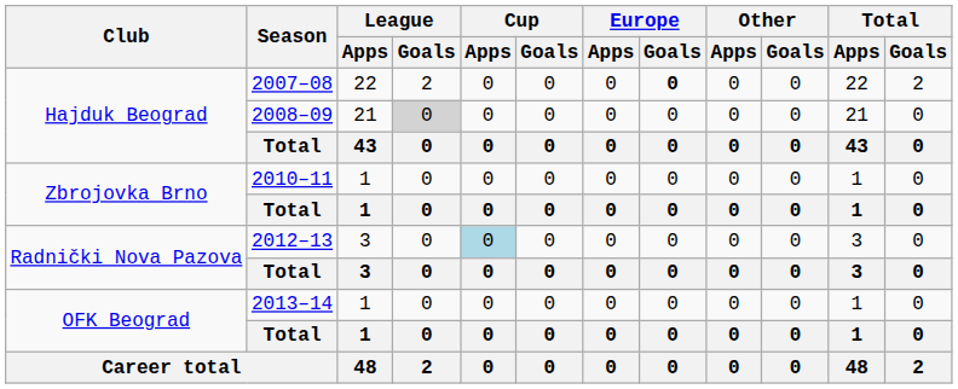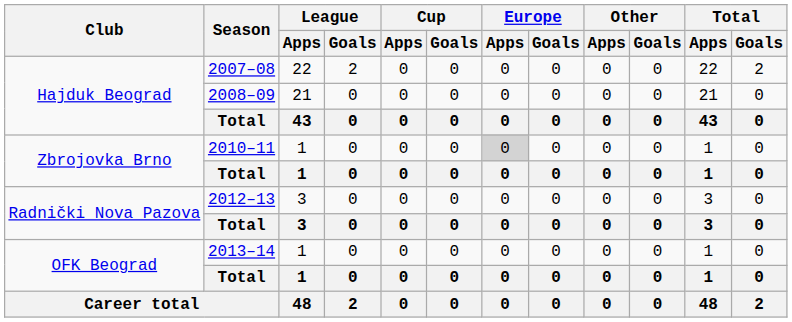 <table class="wikitable" style="text-align:center">
 <tr>
 <th rowspan="2">Club</th>
 <th rowspan="2">Season</th>
 <th colspan="2">League</th>
 <th colspan="2">Cup</th>
 <th colspan="2"><a href='#'>Europe</a></th>
 <th colspan="2">Other</th>
 <th colspan="2">Total</th>
 </tr>
 <tr>
 <th>Apps</th>
 <th>Goals</th>
 <th>Apps</th>
 <th>Goals</th>
 <th>Apps</th>
 <th>Goals</th>
 <th>Apps</th>
 <th>Goals</th>
 <th>Apps</th>
 <th>Goals</th>
 </tr>
 <tr>
 <td rowspan="3"><a href='#'>Hajduk Beograd</a></td>
 <td><a href='#'>2007–08</a></td>
 <td>22</td>
 <td>2</td>
 <td>0</td>
 <td>0</td>
 <td>0</td>
-<td><strong>0</strong></td>
+<td>0</td>
 <td>0</td>
 <td>0</td>
 <td>22</td>
 <td>2</td>
 </tr>
 <tr>
 <td><a href='#'>2008–09</a></td>
 <td>21</td>
-<td style="background: lightgrey;">0</td>
+<td>0</td>
 <td>0</td>
 <td>0</td>
 <td>0</td>
 <td>0</td>
 <td>0</td>
 <td>0</td>
 <td>21</td>
 <td>0</td>
 </tr>
 <tr>
 <th>Total</th>
 <th>43</th>
 <th>0</th>
 <th>0</th>
 <th>0</th>
 <th>0</th>
 <th>0</th>
 <th>0</th>
 <th>0</th>
 <th>43</th>
 <th>0</th>
 </tr>
 <tr>
 <td rowspan="2"><a href='#'>Zbrojovka Brno</a></td>
 <td><a href='#'>2010–11</a></td>
 <td>1</td>
 <td>0</td>
 <td>0</td>
 <td>0</td>
-<td>0</td>
+<td style="background: lightgrey;">0</td>
 <td>0</td>
 <td>0</td>
 <td>0</td>
 <td>1</td>
 <td>0</td>
 </tr>
 <tr>
 <th>Total</th>
 <th>1</th>
 <th>0</th>
 <th>0</th>
 <th>0</th>
 <th>0</th>
 <th>0</th>
 <th>0</th>
 <th>0</th>
 <th>1</th>
 <th>0</th>
 </tr>
 <tr>
 <td rowspan="2"><a href='#'>Radnički Nova Pazova</a></td>
 <td><a href='#'>2012–13</a></td>
 <td>3</td>
 <td>0</td>
-<td style="background: lightblue;">0</td>
+<td>0</td>
 <td>0</td>
 <td>0</td>
 <td>0</td>
 <td>0</td>
 <td>0</td>
 <td>3</td>
 <td>0</td>
 </tr>
 <tr>
 <th>Total</th>
 <th>3</th>
 <th>0</th>
 <th>0</th>
 <th>0</th>
 <th>0</th>
 <th>0</th>
 <th>0</th>
 <th>0</th>
 <th>3</th>
 <th>0</th>
 </tr>
 <tr>
 <td rowspan="2"><a href='#'>OFK Beograd</a></td>
 <td><a href='#'>2013–14</a></td>
 <td>1</td>
 <td>0</td>
 <td>0</td>
 <td>0</td>
 <td>0</td>
 <td>0</td>
 <td>0</td>
 <td>0</td>
 <td>1</td>
 <td>0</td>
 </tr>
 <tr>
 <th>Total</th>
 <th>1</th>
 <th>0</th>
 <th>0</th>
 <th>0</th>
 <th>0</th>
 <th>0</th>
 <th>0</th>
 <th>0</th>
 <th>1</th>
 <th>0</th>
 </tr>
 <tr>
 <th colspan="2">Career total</th>
 <th>48</th>
 <th>2</th>
 <th>0</th>
 <th>0</th>
 <th>0</th>
 <th>0</th>
 <th>0</th>
 <th>0</th>
 <th>48</th>
 <th>2</th>
 </tr>
 </table>
